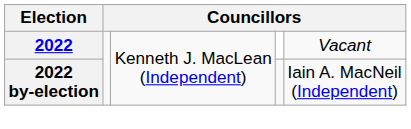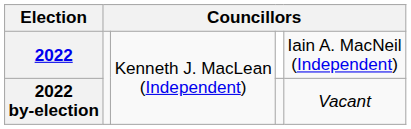 <table class="wikitable" style="text-align:center">
 <tr>
 <th>Election</th>
 <th colspan=4>Councillors</th>
 </tr>
 <tr>
 <th><a href='#'>2022</a></th>
 <td rowspan=2; style="background-color: "></td>
 <td rowspan=2>Kenneth J. MacLean<br>(<a href='#'>Independent</a>)</td>
 <td style="background-color:white"></td>
-<td><em>Vacant</em></td>
+<td rowspan=1>Iain A. MacNeil<br>(<a href='#'>Independent</a>)</td>
 </tr>
 <tr>
 <th>2022<br>by-election</th>
 <td rowspan=1; style="background-color: "></td>
-<td rowspan=1>Iain A. MacNeil<br>(<a href='#'>Independent</a>)</td>
+<td><em>Vacant</em></td>
 </tr>
 </table>
